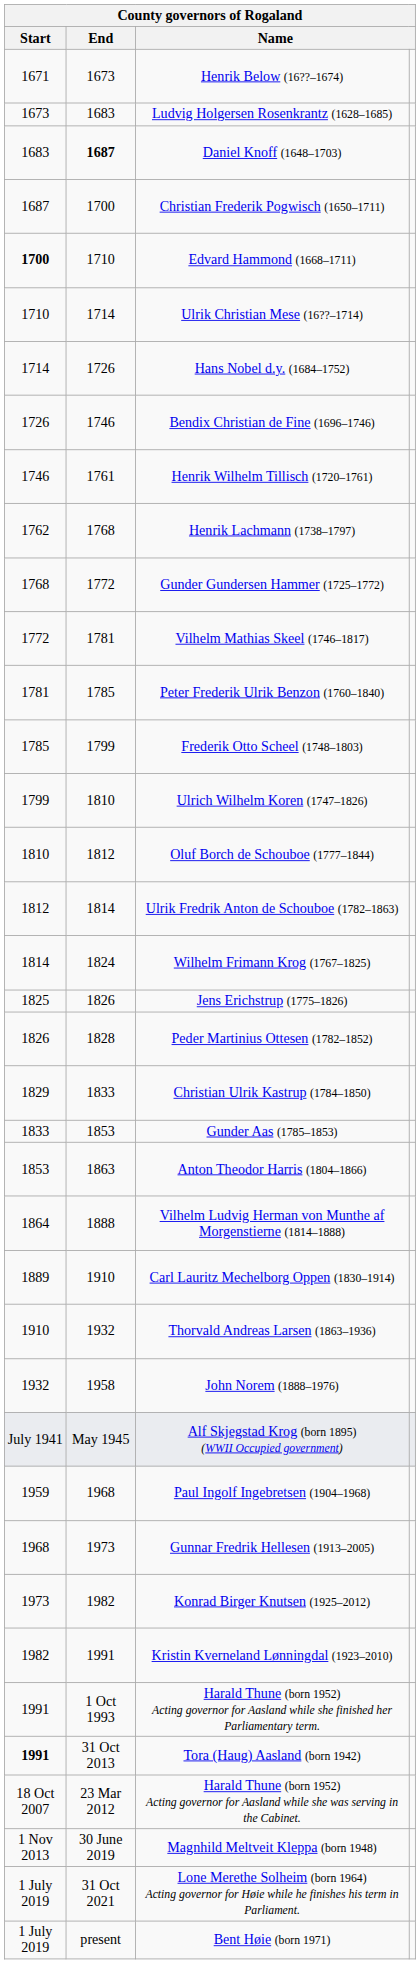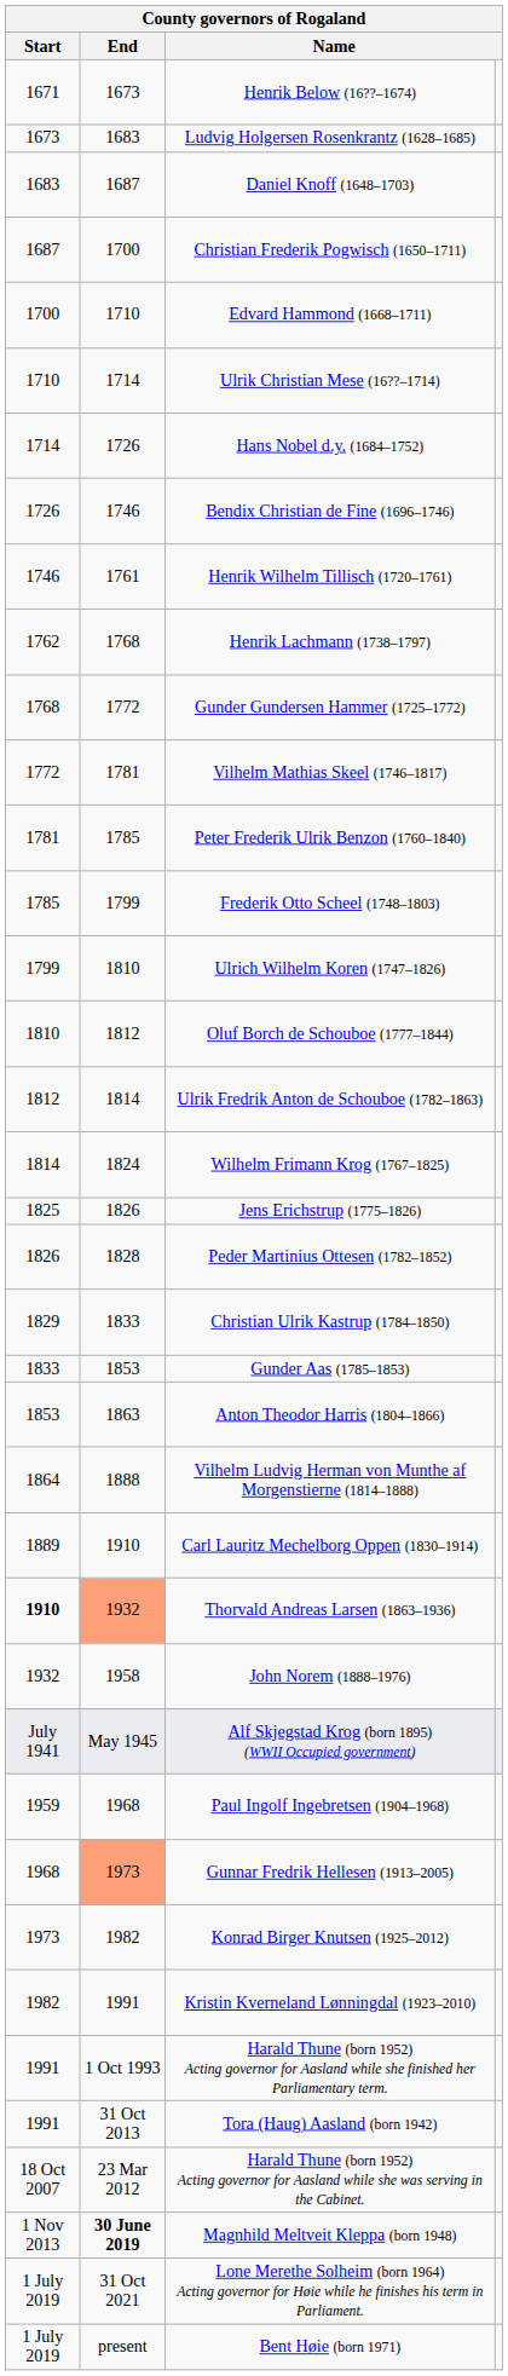 <table class="wikitable" style="text-align:center; width:75%;">
 <tr>
 <th colspan=5>County governors of Rogaland</th>
 </tr>
 <tr>
 <th>Start</th>
 <th>End</th>
 <th colspan="2">Name</th>
 </tr>
 <tr>
 <td>1671</td>
 <td>1673</td>
 <td><a href='#'>Henrik Below</a> <small>(16??–1674)</small></td>
 <td><br><br><br></td>
 </tr>
 <tr>
 <td>1673</td>
 <td>1683</td>
 <td><a href='#'>Ludvig Holgersen Rosenkrantz</a> <small>(1628–1685)</small></td>
 <td></td>
 </tr>
 <tr>
 <td>1683</td>
-<td><strong>1687</strong></td>
+<td>1687</td>
 <td><a href='#'>Daniel Knoff</a> <small>(1648–1703)</small></td>
 <td><br><br><br></td>
 </tr>
 <tr>
 <td>1687</td>
 <td>1700</td>
 <td><a href='#'>Christian Frederik Pogwisch</a> <small>(1650–1711)</small></td>
 <td><br><br><br></td>
 </tr>
 <tr>
-<td><strong>1700</strong></td>
+<td>1700</td>
 <td>1710</td>
 <td><a href='#'>Edvard Hammond</a> <small>(1668–1711)</small></td>
 <td><br><br><br></td>
 </tr>
 <tr>
 <td>1710</td>
 <td>1714</td>
 <td><a href='#'>Ulrik Christian Mese</a> <small>(16??–1714)</small></td>
 <td><br><br><br></td>
 </tr>
 <tr>
 <td>1714</td>
 <td>1726</td>
 <td><a href='#'>Hans Nobel d.y.</a> <small>(1684–1752)</small></td>
 <td><br><br><br></td>
 </tr>
 <tr>
 <td>1726</td>
 <td>1746</td>
 <td><a href='#'>Bendix Christian de Fine</a> <small>(1696–1746)</small></td>
 <td><br><br><br></td>
 </tr>
 <tr>
 <td>1746</td>
 <td>1761</td>
 <td><a href='#'>Henrik Wilhelm Tillisch</a> <small>(1720–1761)</small></td>
 <td><br><br><br></td>
 </tr>
 <tr>
 <td>1762</td>
 <td>1768</td>
 <td><a href='#'>Henrik Lachmann</a> <small>(1738–1797)</small></td>
 <td><br><br><br></td>
 </tr>
 <tr>
 <td>1768</td>
 <td>1772</td>
 <td><a href='#'>Gunder Gundersen Hammer</a> <small>(1725–1772)</small></td>
 <td><br><br><br></td>
 </tr>
 <tr>
 <td>1772</td>
 <td>1781</td>
 <td><a href='#'>Vilhelm Mathias Skeel</a> <small>(1746–1817)</small></td>
 <td><br><br><br></td>
 </tr>
 <tr>
 <td>1781</td>
 <td>1785</td>
 <td><a href='#'>Peter Frederik Ulrik Benzon</a> <small>(1760–1840)</small></td>
 <td><br><br><br></td>
 </tr>
 <tr>
 <td>1785</td>
 <td>1799</td>
 <td><a href='#'>Frederik Otto Scheel</a> <small>(1748–1803)</small></td>
 <td><br><br><br></td>
 </tr>
 <tr>
 <td>1799</td>
 <td>1810</td>
 <td><a href='#'>Ulrich Wilhelm Koren</a> <small>(1747–1826)</small></td>
 <td><br><br><br></td>
 </tr>
 <tr>
 <td>1810</td>
 <td>1812</td>
 <td><a href='#'>Oluf Borch de Schouboe</a> <small>(1777–1844)</small></td>
 <td><br><br><br></td>
 </tr>
 <tr>
 <td>1812</td>
 <td>1814</td>
 <td><a href='#'>Ulrik Fredrik Anton de Schouboe</a> <small>(1782–1863)</small></td>
 <td><br><br><br></td>
 </tr>
 <tr>
 <td>1814</td>
 <td>1824</td>
 <td><a href='#'>Wilhelm Frimann Krog</a> <small>(1767–1825)</small></td>
 <td><br><br><br></td>
 </tr>
 <tr>
 <td>1825</td>
 <td>1826</td>
 <td><a href='#'>Jens Erichstrup</a> <small>(1775–1826)</small></td>
 <td></td>
 </tr>
 <tr>
 <td>1826</td>
 <td>1828</td>
 <td><a href='#'>Peder Martinius Ottesen</a> <small>(1782–1852)</small></td>
 <td><br><br><br></td>
 </tr>
 <tr>
 <td>1829</td>
 <td>1833</td>
 <td><a href='#'>Christian Ulrik Kastrup</a> <small>(1784–1850)</small></td>
 <td><br><br><br></td>
 </tr>
 <tr>
 <td>1833</td>
 <td>1853</td>
 <td><a href='#'>Gunder Aas</a> <small>(1785–1853)</small></td>
 <td></td>
 </tr>
 <tr>
 <td>1853</td>
 <td>1863</td>
 <td><a href='#'>Anton Theodor Harris</a> <small>(1804–1866)</small></td>
 <td><br><br><br></td>
 </tr>
 <tr>
 <td>1864</td>
 <td>1888</td>
 <td><a href='#'>Vilhelm Ludvig Herman von Munthe af Morgenstierne</a> <small>(1814–1888)</small></td>
 <td><br><br><br></td>
 </tr>
 <tr>
 <td>1889</td>
 <td>1910</td>
 <td><a href='#'>Carl Lauritz Mechelborg Oppen</a> <small>(1830–1914)</small></td>
 <td><br><br><br></td>
 </tr>
 <tr>
-<td>1910</td>
-<td>1932</td>
+<td><strong>1910</strong></td>
+<td style="background: lightsalmon;">1932</td>
 <td><a href='#'>Thorvald Andreas Larsen</a> <small>(1863–1936)</small></td>
 <td><br><br><br></td>
 </tr>
 <tr>
 <td>1932</td>
 <td>1958</td>
 <td><a href='#'>John Norem</a> <small>(1888–1976)</small></td>
 <td><br><br><br></td>
 </tr>
 <tr bgcolor="#EAECF0">
 <td>July 1941</td>
 <td>May 1945</td>
 <td><a href='#'>Alf Skjegstad Krog</a> <small>(born 1895)<br><em>(<a href='#'>WWII Occupied government</a>)</em></small></td>
 <td><br><br><br></td>
 </tr>
 <tr>
 <td>1959</td>
 <td>1968</td>
 <td><a href='#'>Paul Ingolf Ingebretsen</a> <small>(1904–1968)</small></td>
 <td><br><br><br></td>
 </tr>
 <tr>
 <td>1968</td>
-<td>1973</td>
+<td style="background: lightsalmon;">1973</td>
 <td><a href='#'>Gunnar Fredrik Hellesen</a> <small>(1913–2005)</small></td>
 <td><br><br><br></td>
 </tr>
 <tr>
 <td>1973</td>
 <td>1982</td>
 <td><a href='#'>Konrad Birger Knutsen</a> <small>(1925–2012)</small></td>
 <td><br><br><br></td>
 </tr>
 <tr>
 <td>1982</td>
 <td>1991</td>
 <td><a href='#'>Kristin Kverneland Lønningdal</a> <small>(1923–2010)</small></td>
 <td><br><br><br></td>
 </tr>
 <tr>
 <td>1991</td>
 <td>1 Oct 1993</td>
 <td><a href='#'>Harald Thune</a> <small>(born 1952)<br> <em>Acting governor for Aasland while she finished her Parliamentary term.</em></small></td>
 <td></td>
 </tr>
 <tr>
-<td><strong>1991</strong></td>
+<td>1991</td>
 <td>31 Oct 2013</td>
 <td><a href='#'>Tora (Haug) Aasland</a> <small>(born 1942)</small></td>
 <td></td>
 </tr>
 <tr>
 <td>18 Oct 2007</td>
 <td>23 Mar 2012</td>
 <td><a href='#'>Harald Thune</a> <small>(born 1952)<br><em>Acting governor for Aasland while she was serving in the Cabinet.</em></small></td>
 <td></td>
 </tr>
 <tr>
 <td>1 Nov 2013</td>
-<td>30 June 2019</td>
+<td><strong>30 June 2019</strong></td>
 <td><a href='#'>Magnhild Meltveit Kleppa</a> <small>(born 1948)</small></td>
 <td></td>
 </tr>
 <tr>
 <td>1 July 2019</td>
 <td>31 Oct 2021</td>
 <td><a href='#'>Lone Merethe Solheim</a> <small>(born 1964)<br><em>Acting governor for Høie while he finishes his term in Parliament.</em></small></td>
 <td><br><br><br></td>
 </tr>
 <tr>
 <td>1 July 2019</td>
 <td>present</td>
 <td><a href='#'>Bent Høie</a> <small>(born 1971)</small></td>
 <td></td>
 </tr>
 </table>
